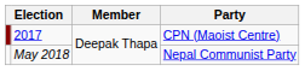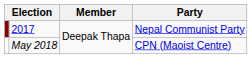 <table class="wikitable">
 <tr>
 <th colspan="2">Election</th>
 <th>Member</th>
 <th>Party</th>
 </tr>
 <tr>
 <td style="background-color:darkred"></td>
 <td><a href='#'>2017</a></td>
 <td rowspan="2">Deepak Thapa</td>
-<td><a href='#'>CPN (Maoist Centre)</a></td>
+<td><a href='#'>Nepal Communist Party</a></td>
 </tr>
 <tr>
 <td style="background-color:"></td>
 <td><em>May 2018</em></td>
-<td><a href='#'>Nepal Communist Party</a></td>
+<td><a href='#'>CPN (Maoist Centre)</a></td>
 </tr>
 </table>
